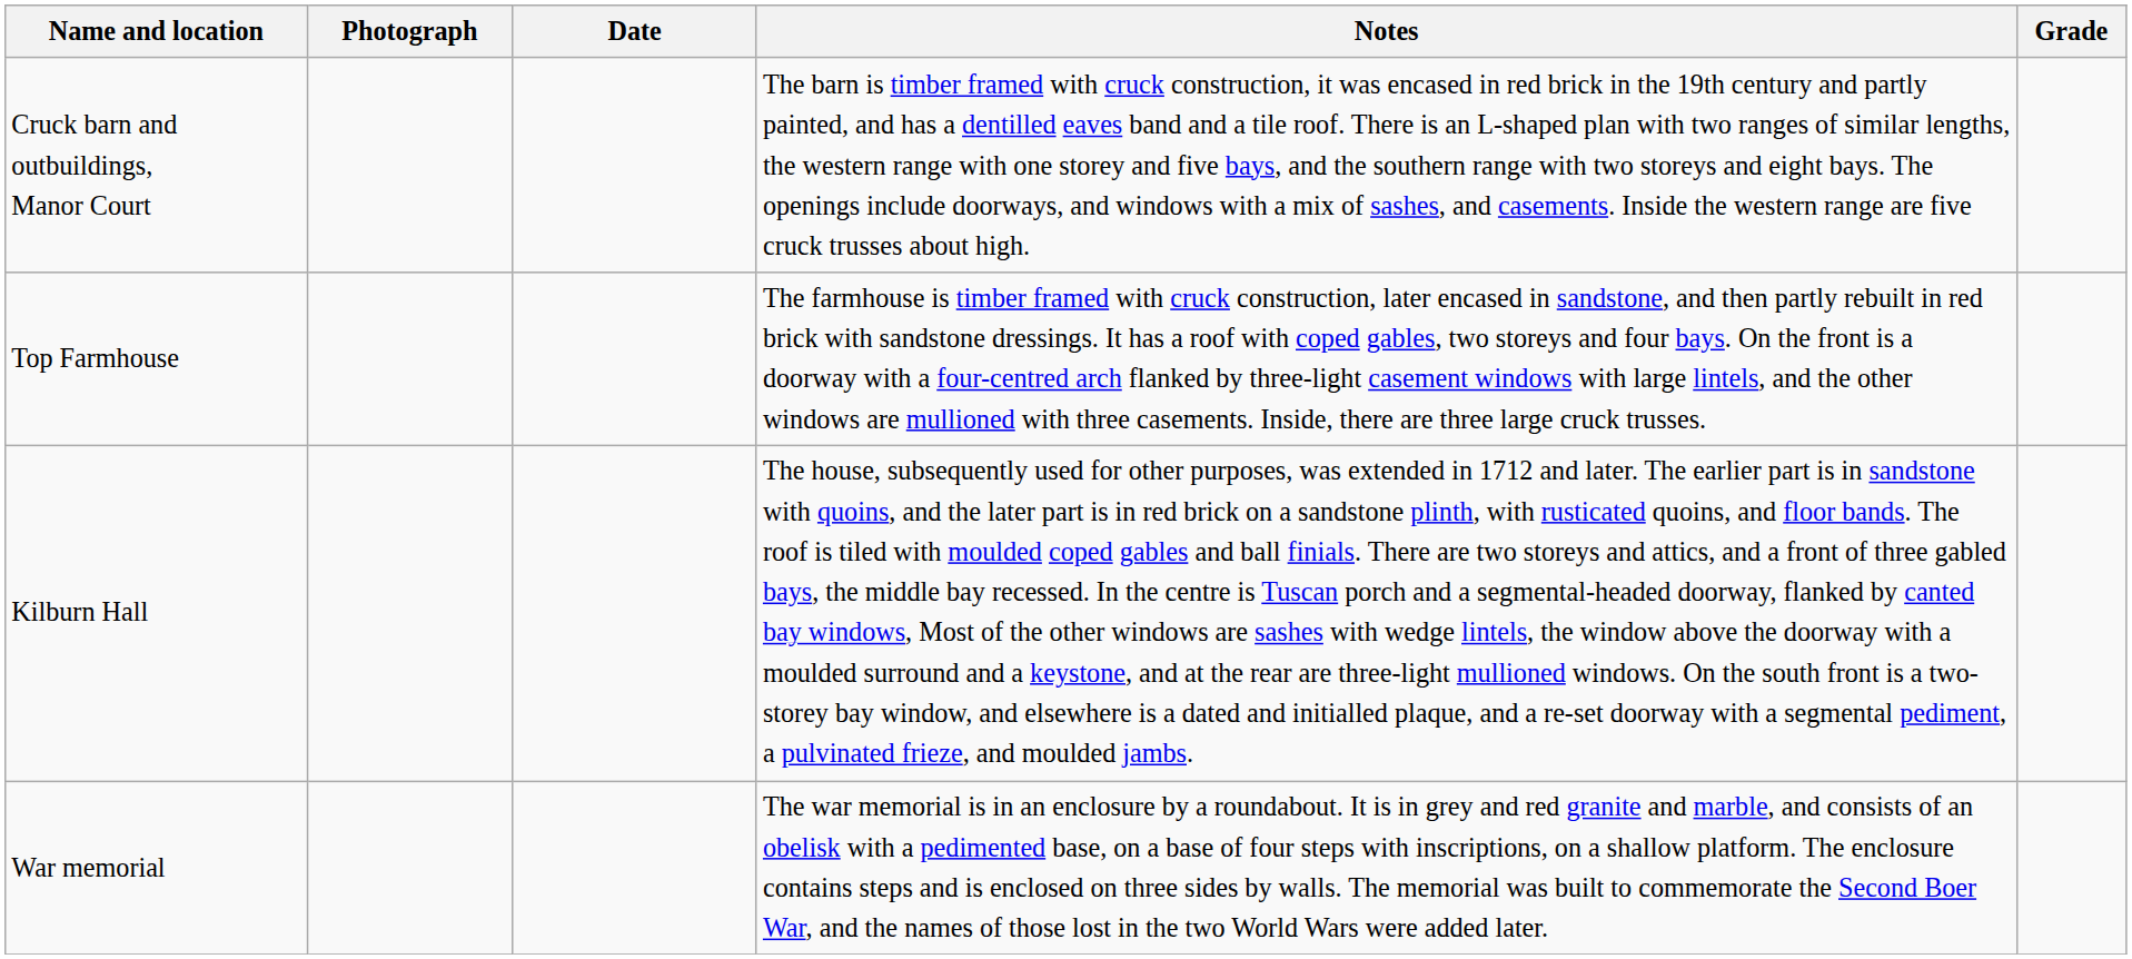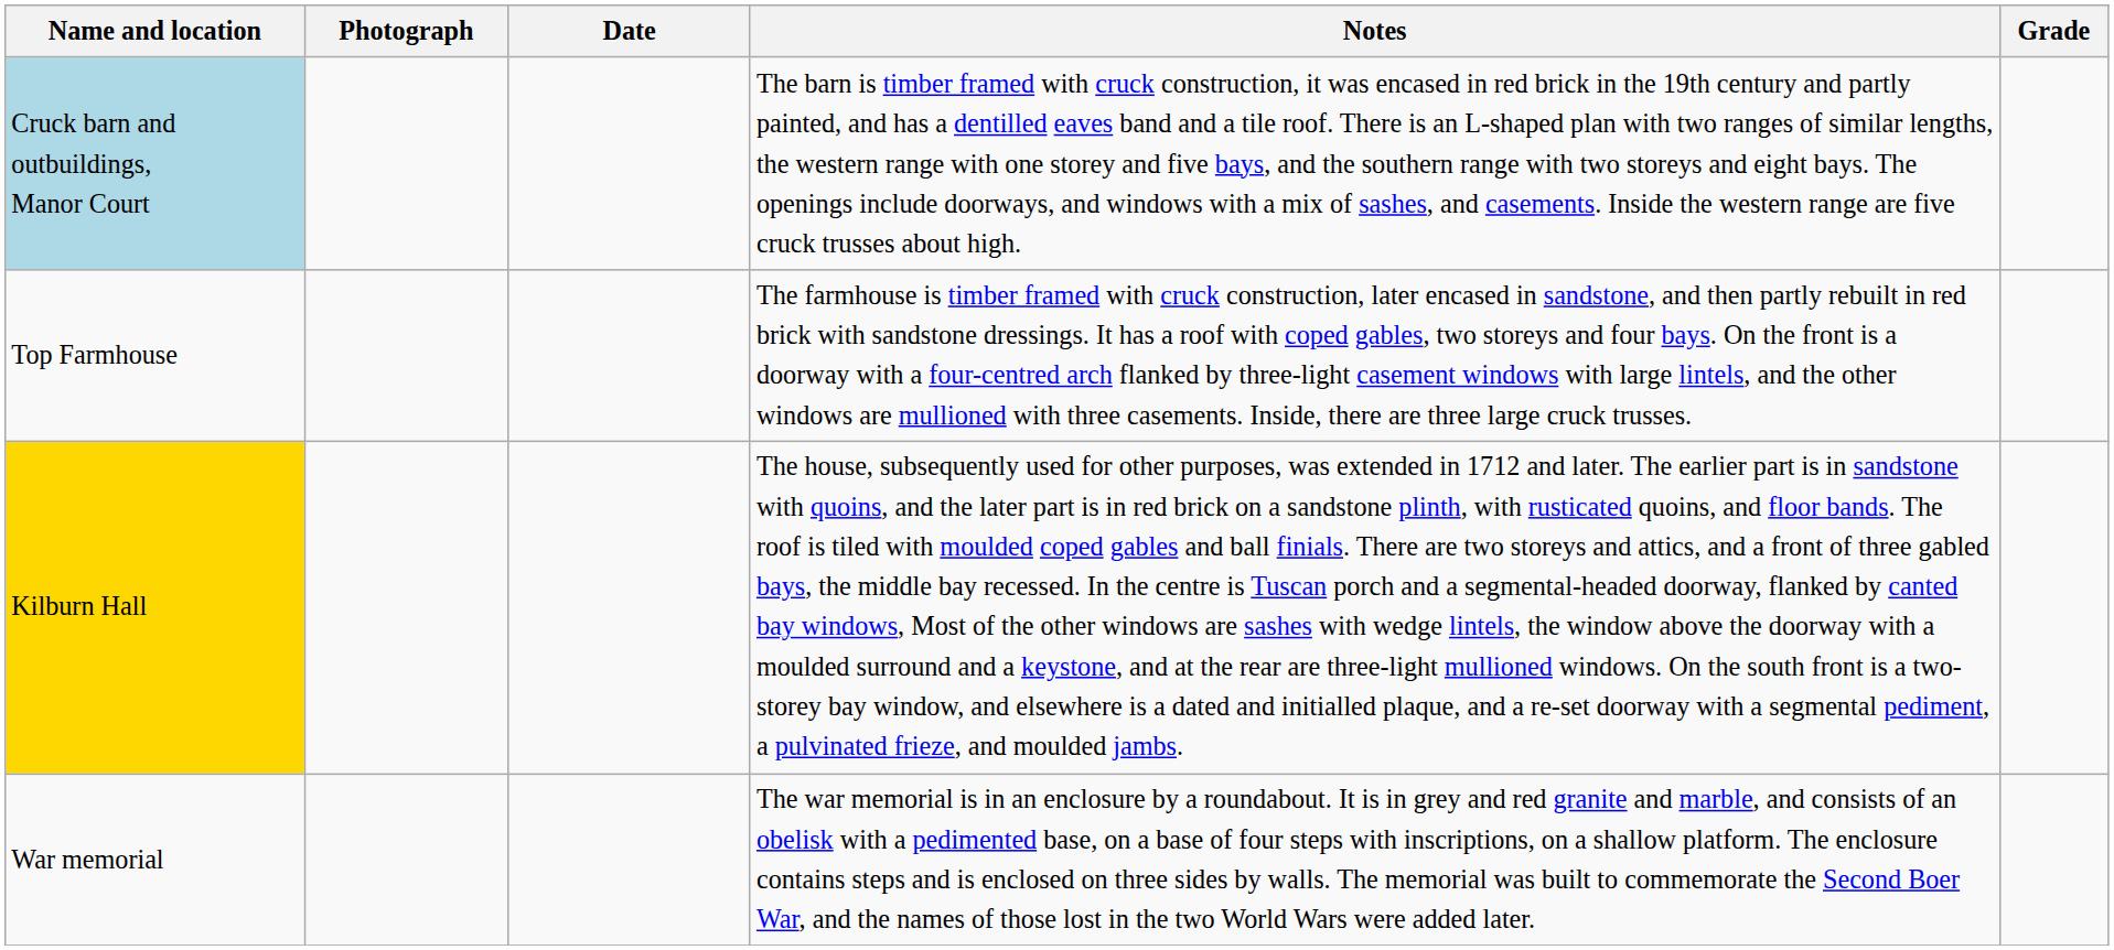 <table class="wikitable sortable plainrowheaders" style="width:100%; border:0; text-align:left; line-height:150%;">
 <tr>
 <th scope="col"  style="width:150px">Name and location</th>
 <th scope="col"  style="width:100px" class="unsortable">Photograph</th>
 <th scope="col"  style="width:120px">Date</th>
 <th scope="col"  style="width:650px" class="unsortable">Notes</th>
 <th scope="col"  style="width:50px">Grade</th>
 </tr>
 <tr>
-<td>Cruck barn and outbuildings,<br>Manor Court<br><small></small></td>
+<td style="background: lightblue;">Cruck barn and outbuildings,<br>Manor Court<br><small></small></td>
 <td></td>
 <td align="center"></td>
 <td>The barn is <a href='#'>timber framed</a> with <a href='#'>cruck</a> construction, it was encased in red brick in the 19th century and partly painted, and has a <a href='#'>dentilled</a> <a href='#'>eaves</a> band and a tile roof.  There is an L-shaped plan with two ranges of similar lengths, the western range with one storey and five <a href='#'>bays</a>, and the southern range with two storeys and eight bays.  The openings include doorways, and windows with a mix of <a href='#'>sashes</a>, and <a href='#'>casements</a>.  Inside the western range are five cruck trusses about  high.</td>
 <td align="center" ></td>
 </tr>
 <tr>
 <td>Top Farmhouse<br><small></small></td>
 <td></td>
 <td align="center"></td>
 <td>The farmhouse is <a href='#'>timber framed</a> with <a href='#'>cruck</a> construction, later encased in <a href='#'>sandstone</a>, and then partly rebuilt in red brick with sandstone dressings.  It has a roof with <a href='#'>coped</a> <a href='#'>gables</a>, two storeys and four <a href='#'>bays</a>.  On the front is a doorway with a <a href='#'>four-centred arch</a> flanked by three-light <a href='#'>casement windows</a> with large <a href='#'>lintels</a>, and the other windows are <a href='#'>mullioned</a> with three casements.  Inside, there are three large cruck trusses.</td>
 <td align="center" ></td>
 </tr>
 <tr>
-<td>Kilburn Hall<br><small></small></td>
+<td style="background: gold;">Kilburn Hall<br><small></small></td>
 <td></td>
 <td align="center"></td>
 <td>The house, subsequently used for other purposes, was extended in 1712 and later.  The earlier part is in <a href='#'>sandstone</a> with <a href='#'>quoins</a>, and the later part is in red brick on a sandstone <a href='#'>plinth</a>, with <a href='#'>rusticated</a> quoins, and <a href='#'>floor bands</a>.  The roof is tiled with <a href='#'>moulded</a> <a href='#'>coped</a> <a href='#'>gables</a> and ball <a href='#'>finials</a>.  There are two storeys and attics, and a front of three gabled <a href='#'>bays</a>, the middle bay recessed.  In the centre is <a href='#'>Tuscan</a> porch and a segmental-headed doorway, flanked by <a href='#'>canted</a> <a href='#'>bay windows</a>, Most of the other windows are <a href='#'>sashes</a> with wedge <a href='#'>lintels</a>, the window above the doorway with a moulded surround and a <a href='#'>keystone</a>, and at the rear are three-light <a href='#'>mullioned</a> windows.  On the south front is a two-storey bay window, and elsewhere is a dated and initialled plaque, and a re-set doorway with a segmental <a href='#'>pediment</a>, a <a href='#'>pulvinated frieze</a>, and moulded <a href='#'>jambs</a>.</td>
 <td align="center" ></td>
 </tr>
 <tr>
 <td>War memorial<br><small></small></td>
 <td></td>
 <td align="center"></td>
 <td>The war memorial is in an enclosure by a roundabout.  It is in grey and red <a href='#'>granite</a> and <a href='#'>marble</a>, and consists of an <a href='#'>obelisk</a> with a <a href='#'>pedimented</a> base, on a base of four steps with inscriptions, on a shallow platform.  The enclosure contains steps and is enclosed on three sides by walls.  The memorial was built to commemorate the <a href='#'>Second Boer War</a>, and the names of those lost in the two World Wars were added later.</td>
 <td align="center" ></td>
 </tr>
 <tr>
 </tr>
 </table>
